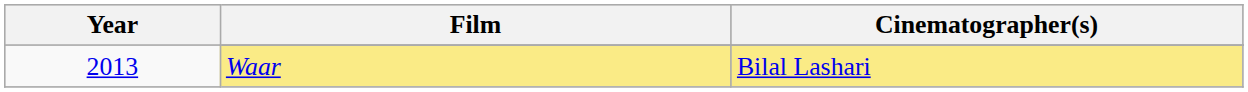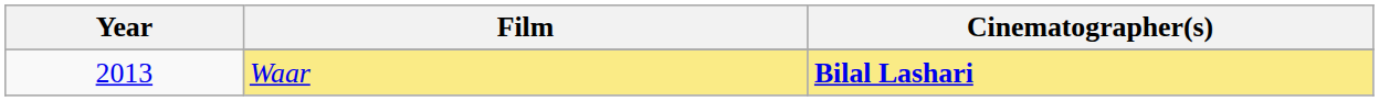 <table class="wikitable">
 <tr>
 <th width="8%">Year</th>
 <th width="19%">Film</th>
 <th width="19%">Cinematographer(s)</th>
 </tr>
 <tr>
 <td rowspan=2 style="text-align:center"><a href='#'>2013</a><br></td>
 </tr>
 <tr style="background:#FAEB86">
 <td><em><a href='#'>Waar</a></em></td>
-<td><a href='#'>Bilal Lashari</a></td>
+<td><strong><a href='#'>Bilal Lashari</a></strong></td>
 </tr>
 </table>
